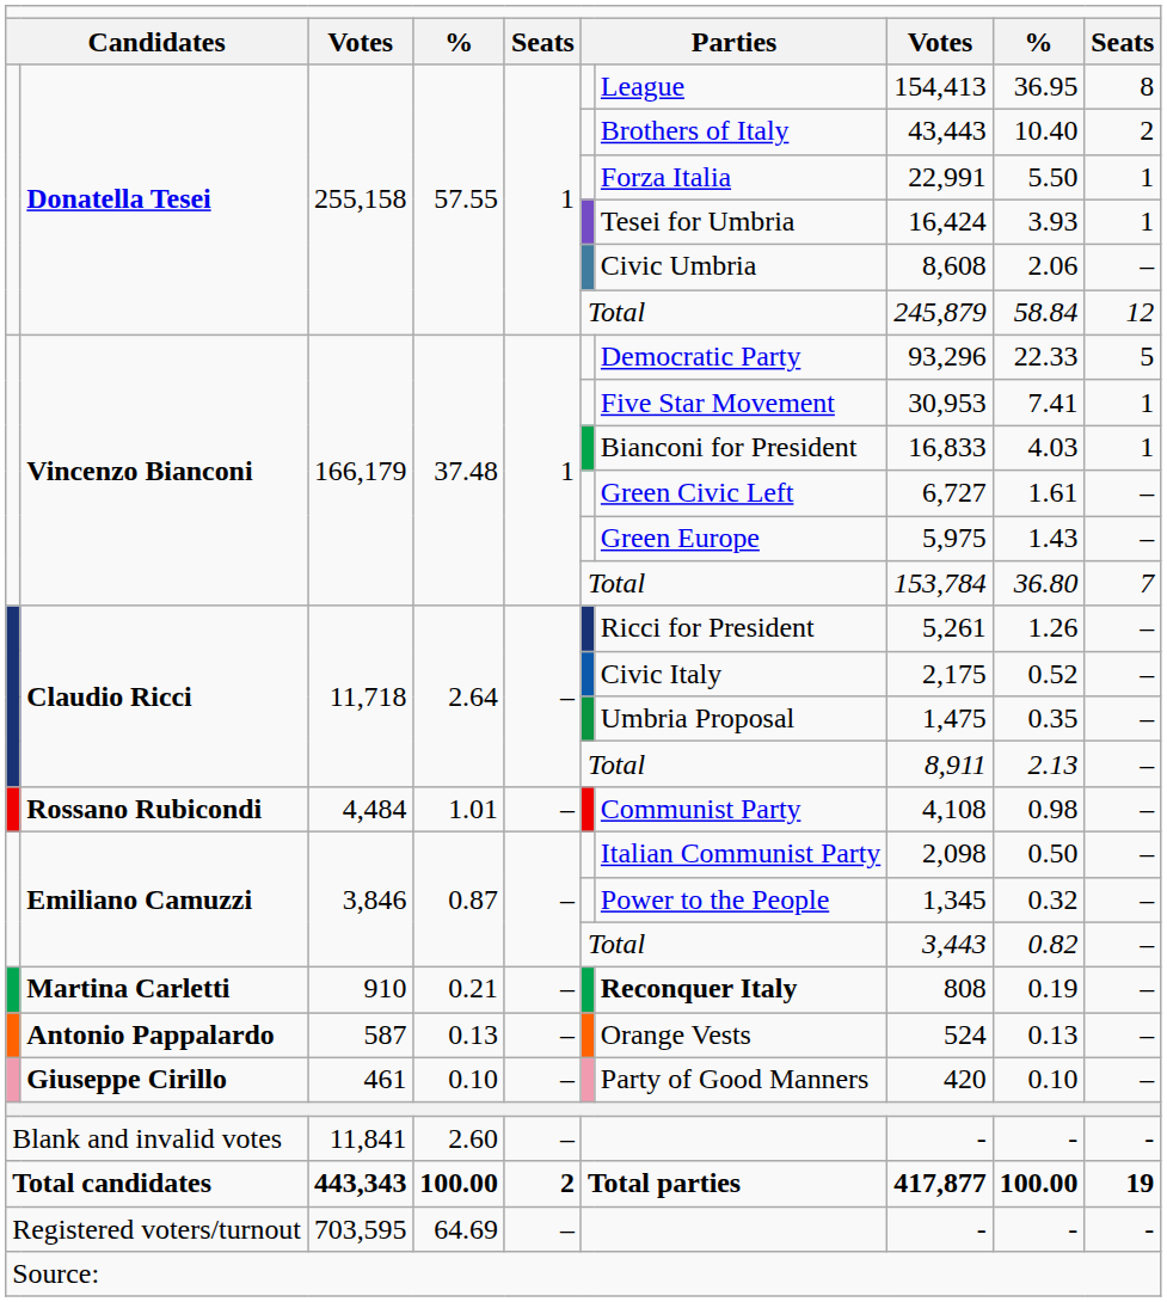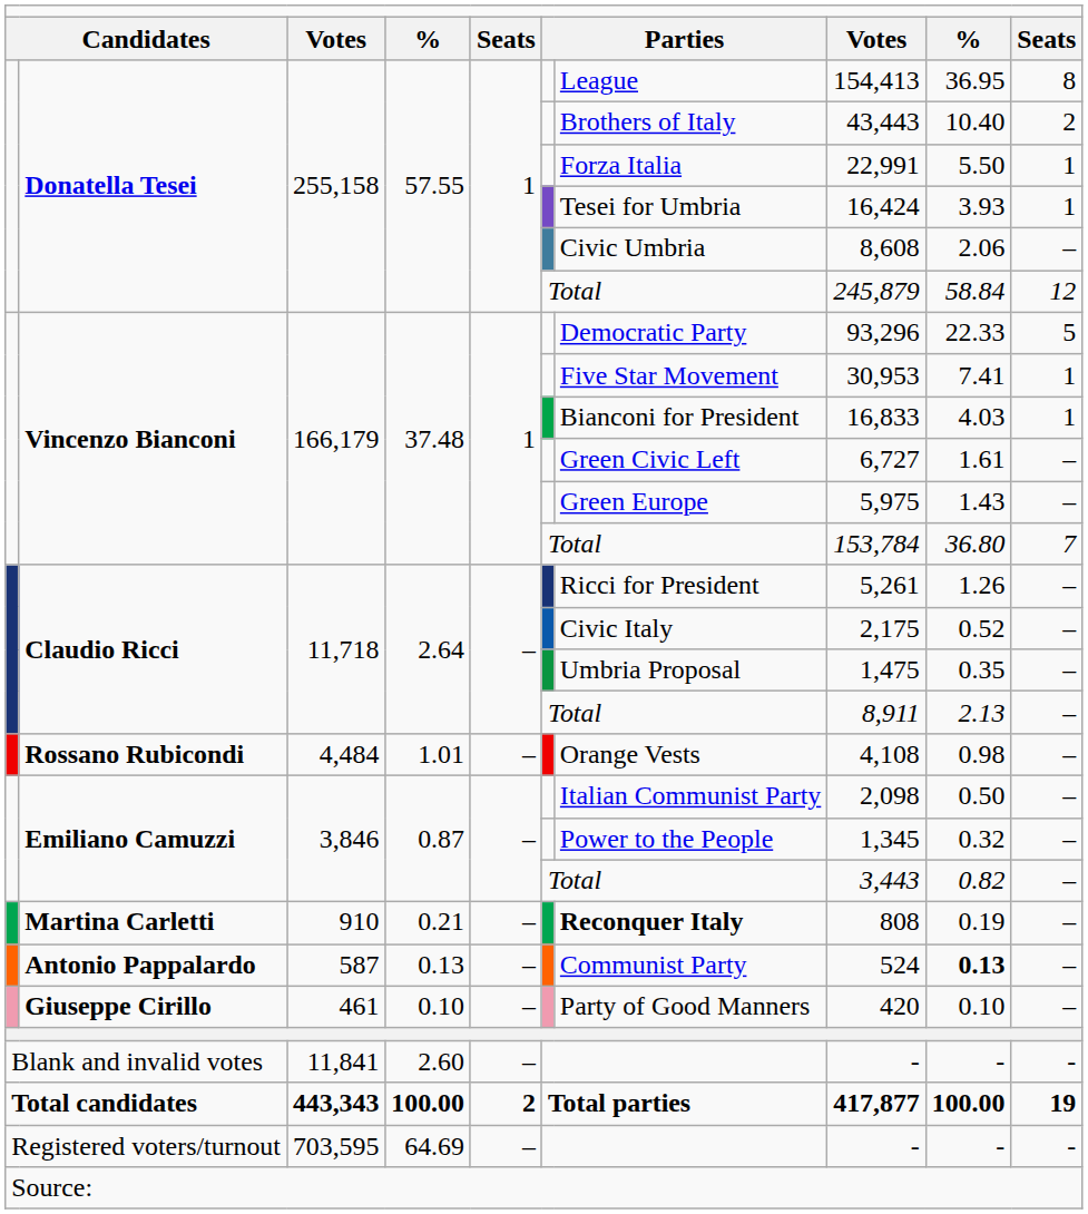 <table class="wikitable">
 <tr>
 <td colspan=10></td>
 </tr>
 <tr>
 <th colspan=2>Candidates</th>
 <th>Votes</th>
 <th>%</th>
 <th>Seats</th>
 <th colspan=2>Parties</th>
 <th>Votes</th>
 <th>%</th>
 <th>Seats</th>
 </tr>
 <tr>
 <td rowspan=6></td>
 <td rowspan=6><strong><a href='#'>Donatella Tesei</a> </strong></td>
 <td rowspan="6"; align=right>255,158</td>
 <td rowspan="6"; align=right>57.55</td>
 <td rowspan="6"; align=right>1</td>
 <td></td>
 <td><a href='#'>League</a></td>
 <td align=right>154,413</td>
 <td align=right>36.95</td>
 <td align=right>8</td>
 </tr>
 <tr>
 <td></td>
 <td><a href='#'>Brothers of Italy</a></td>
 <td align=right>43,443</td>
 <td align=right>10.40</td>
 <td align=right>2</td>
 </tr>
 <tr>
 <td></td>
 <td><a href='#'>Forza Italia</a></td>
 <td align=right>22,991</td>
 <td align=right>5.50</td>
 <td align=right>1</td>
 </tr>
 <tr>
 <td bgcolor="#754AC5"></td>
 <td>Tesei for Umbria</td>
 <td align=right>16,424</td>
 <td align=right>3.93</td>
 <td align=right>1</td>
 </tr>
 <tr>
 <td bgcolor="#3F7C9D"></td>
 <td>Civic Umbria</td>
 <td align=right>8,608</td>
 <td align=right>2.06</td>
 <td align=right>–</td>
 </tr>
 <tr>
 <td colspan=2><em>Total</em></td>
 <td align=right><em>245,879</em></td>
 <td align=right><em>58.84</em></td>
 <td align=right><em>12</em></td>
 </tr>
 <tr>
 <td rowspan=6></td>
 <td rowspan=6><strong>Vincenzo Bianconi</strong></td>
 <td rowspan="6"; align=right>166,179</td>
 <td rowspan="6"; align=right>37.48</td>
 <td rowspan="6"; align=right>1</td>
 <td></td>
 <td><a href='#'>Democratic Party</a></td>
 <td align=right>93,296</td>
 <td align=right>22.33</td>
 <td align=right>5</td>
 </tr>
 <tr>
 <td></td>
 <td><a href='#'>Five Star Movement</a></td>
 <td align=right>30,953</td>
 <td align=right>7.41</td>
 <td align=right>1</td>
 </tr>
 <tr>
 <td style="background-color:#00A649"></td>
 <td>Bianconi for President</td>
 <td align=right>16,833</td>
 <td align=right>4.03</td>
 <td align=right>1</td>
 </tr>
 <tr>
 <td></td>
 <td><a href='#'>Green Civic Left</a></td>
 <td align=right>6,727</td>
 <td align=right>1.61</td>
 <td align=right>–</td>
 </tr>
 <tr>
 <td style="background-color:"></td>
 <td><a href='#'>Green Europe</a></td>
 <td align=right>5,975</td>
 <td align=right>1.43</td>
 <td align=right>–</td>
 </tr>
 <tr>
 <td colspan=2><em>Total</em></td>
 <td align=right><em>153,784</em></td>
 <td align=right><em>36.80</em></td>
 <td align=right><em>7</em></td>
 </tr>
 <tr>
 <td rowspan=4 bgcolor="#193275"></td>
 <td rowspan=4><strong>Claudio Ricci</strong></td>
 <td rowspan="4"; align=right>11,718</td>
 <td rowspan="4"; align=right>2.64</td>
 <td rowspan="4"; align=right>–</td>
 <td bgcolor="#193275"></td>
 <td>Ricci for President</td>
 <td align=right>5,261</td>
 <td align=right>1.26</td>
 <td align=right>–</td>
 </tr>
 <tr>
 <td bgcolor="#0a59ab"></td>
 <td>Civic Italy</td>
 <td align=right>2,175</td>
 <td align=right>0.52</td>
 <td align=right>–</td>
 </tr>
 <tr>
 <td bgcolor="#0a9540"></td>
 <td>Umbria Proposal</td>
 <td align=right>1,475</td>
 <td align=right>0.35</td>
 <td align=right>–</td>
 </tr>
 <tr>
 <td colspan=2><em>Total</em></td>
 <td align=right><em>8,911</em></td>
 <td align=right><em>2.13</em></td>
 <td align=right><em>–</em></td>
 </tr>
 <tr>
 <td style="background-color:#F00000"></td>
 <td><strong>Rossano Rubicondi</strong></td>
 <td align=right>4,484</td>
 <td align=right>1.01</td>
 <td align=right>–</td>
 <td style="background-color:#F00000"></td>
-<td><a href='#'>Communist Party</a></td>
+<td>Orange Vests</td>
 <td align=right>4,108</td>
 <td align=right>0.98</td>
 <td align=right>–</td>
 </tr>
 <tr>
 <td rowspan=3></td>
 <td rowspan=3><strong>Emiliano Camuzzi</strong></td>
 <td rowspan="3"; align=right>3,846</td>
 <td rowspan="3"; align=right>0.87</td>
 <td rowspan="3"; align=right>–</td>
 <td></td>
 <td><a href='#'>Italian Communist Party</a></td>
 <td align=right>2,098</td>
 <td align=right>0.50</td>
 <td align=right>–</td>
 </tr>
 <tr>
 <td></td>
 <td><a href='#'>Power to the People</a></td>
 <td align=right>1,345</td>
 <td align=right>0.32</td>
 <td align=right>–</td>
 </tr>
 <tr>
 <td colspan=2><em>Total</em></td>
 <td align=right><em>3,443</em></td>
 <td align=right><em>0.82</em></td>
 <td align=right><em>–</em></td>
 </tr>
 <tr>
 <td bgcolor="#00A650"></td>
 <td><strong>Martina Carletti</strong></td>
 <td align=right>910</td>
 <td align=right>0.21</td>
 <td align=right>–</td>
 <td bgcolor="#00A650"></td>
 <td><strong>Reconquer Italy</strong></td>
 <td align=right>808</td>
 <td align=right>0.19</td>
 <td align=right>–</td>
 </tr>
 <tr>
 <td style="background-color:#FF6201"></td>
 <td><strong>Antonio Pappalardo</strong></td>
 <td align=right>587</td>
 <td align=right>0.13</td>
 <td align=right>–</td>
 <td style="background-color:#FF6201"></td>
-<td>Orange Vests</td>
+<td><a href='#'>Communist Party</a></td>
 <td align=right>524</td>
-<td align=right>0.13</td>
+<td align=right><strong>0.13</strong></td>
 <td align=right>–</td>
 </tr>
 <tr>
 <td style="background-color:#f09bb0"></td>
 <td><strong>Giuseppe Cirillo</strong></td>
 <td align=right>461</td>
 <td align=right>0.10</td>
 <td align=right>–</td>
 <td style="background-color:#f09bb0"></td>
 <td>Party of Good Manners</td>
 <td align=right>420</td>
 <td align=right>0.10</td>
 <td align=right>–</td>
 </tr>
 <tr>
 <th colspan=10></th>
 </tr>
 <tr>
 <td colspan=2>Blank and invalid votes</td>
 <td align=right>11,841</td>
 <td align=right>2.60</td>
 <td align=right>–</td>
 <td colspan=2></td>
 <td align=right>-</td>
 <td align=right>-</td>
 <td align=right>-</td>
 </tr>
 <tr>
 <td colspan=2><strong>Total candidates</strong></td>
 <td align=right><strong>443,343</strong></td>
 <td align=right><strong>100.00</strong></td>
 <td align=right><strong>2</strong></td>
 <td colspan=2><strong>Total parties</strong></td>
 <td align=right><strong>417,877</strong></td>
 <td align=right><strong>100.00</strong></td>
 <td align=right><strong>19</strong></td>
 </tr>
 <tr>
 <td colspan=2>Registered voters/turnout</td>
 <td align=right>703,595</td>
 <td align=right>64.69</td>
 <td align=right>–</td>
 <td colspan=2></td>
 <td align=right>-</td>
 <td align=right>-</td>
 <td align=right>-</td>
 </tr>
 <tr>
 <td colspan=11>Source: </td>
 </tr>
 </table>
